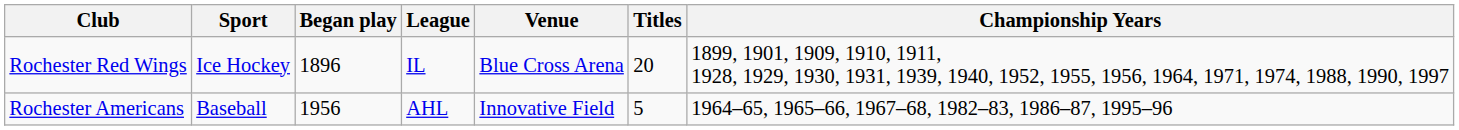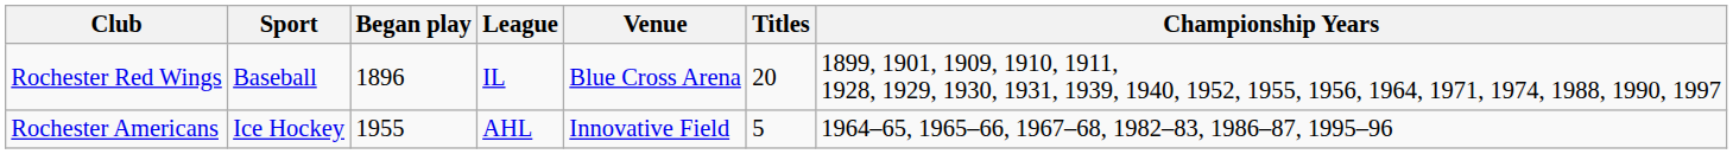 <table class="wikitable sortable">
 <tr>
 <th>Club</th>
 <th>Sport</th>
 <th>Began play</th>
 <th>League</th>
 <th>Venue</th>
 <th>Titles</th>
 <th>Championship Years</th>
 </tr>
 <tr>
 <td><a href='#'>Rochester Red Wings</a></td>
-<td><a href='#'>Ice Hockey</a></td>
+<td><a href='#'>Baseball</a></td>
 <td>1896</td>
 <td><a href='#'>IL</a></td>
 <td><a href='#'>Blue Cross Arena</a></td>
 <td>20</td>
 <td>1899, 1901, 1909, 1910, 1911,<br>1928, 1929, 1930, 1931, 1939, 1940, 1952, 1955, 1956, 1964, 1971, 1974, 1988, 1990, 1997</td>
 </tr>
 <tr>
 <td><a href='#'>Rochester Americans</a></td>
-<td><a href='#'>Baseball</a></td>
-<td>1956</td>
+<td><a href='#'>Ice Hockey</a></td>
+<td>1955</td>
 <td><a href='#'>AHL</a></td>
 <td><a href='#'>Innovative Field</a></td>
 <td>5</td>
 <td>1964–65, 1965–66, 1967–68, 1982–83, 1986–87, 1995–96</td>
 </tr>
 </table>
